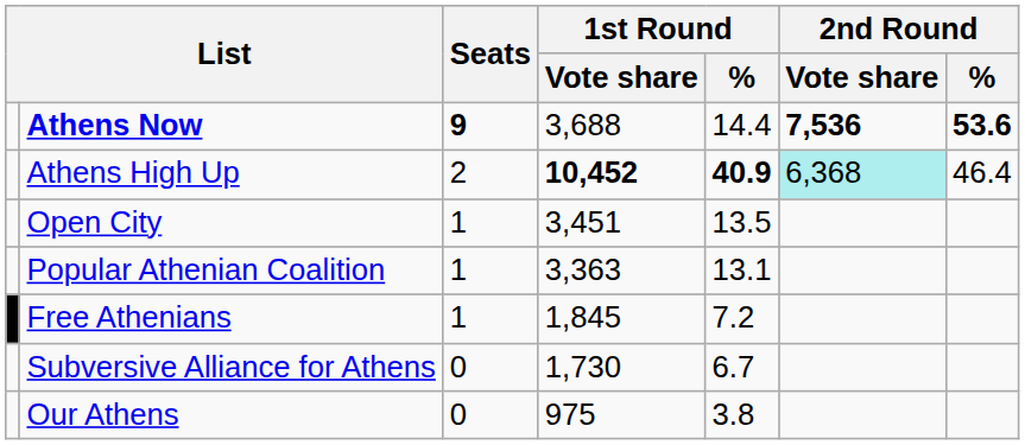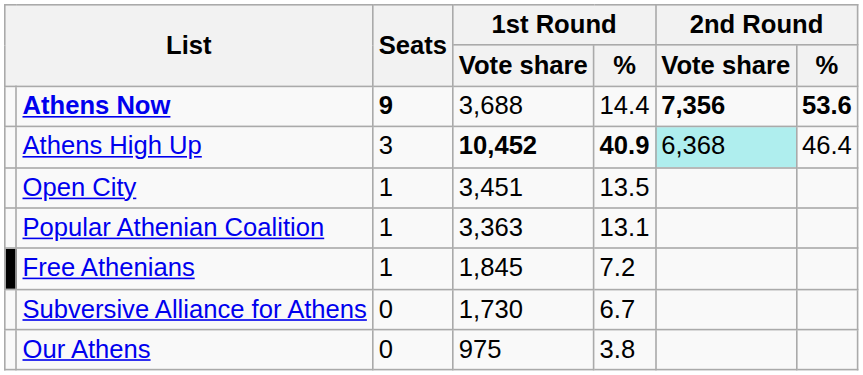 <table class="wikitable">
 <tr>
 <th colspan="2" rowspan="2">List</th>
 <th rowspan="2">Seats</th>
 <th colspan="2">1st Round</th>
 <th colspan="2">2nd Round</th>
 </tr>
 <tr>
 <th><strong>Vote share</strong></th>
 <th>%</th>
 <th><strong>Vote share</strong></th>
 <th>%</th>
 </tr>
 <tr>
 <td style="background-color:"></td>
 <td><strong><a href='#'>Athens Now</a></strong></td>
 <td><strong>9</strong></td>
 <td>3,688</td>
 <td>14.4</td>
-<td><strong>7,536</strong></td>
+<td><strong>7,356</strong></td>
 <td><strong>53.6</strong></td>
 </tr>
 <tr>
 <td style="background-color:"></td>
 <td><a href='#'>Athens High Up</a></td>
-<td>2</td>
+<td>3</td>
 <td><strong>10,452</strong></td>
 <td><strong>40.9</strong></td>
 <td style="background: paleturquoise;">6,368</td>
 <td>46.4</td>
 </tr>
 <tr>
 <td style="background-color:"></td>
 <td><a href='#'>Open City</a></td>
 <td>1</td>
 <td>3,451</td>
 <td>13.5</td>
 <td></td>
 <td></td>
 </tr>
 <tr>
 <td style="background-color:"></td>
 <td><a href='#'>Popular Athenian Coalition</a></td>
 <td>1</td>
 <td>3,363</td>
 <td>13.1</td>
 <td></td>
 <td></td>
 </tr>
 <tr>
 <td style="background-color:#000000"></td>
 <td><a href='#'>Free Athenians</a></td>
 <td>1</td>
 <td>1,845</td>
 <td>7.2</td>
 <td></td>
 <td></td>
 </tr>
 <tr>
 <td style="background-color:"></td>
 <td><a href='#'>Subversive Alliance for Athens</a></td>
 <td>0</td>
 <td>1,730</td>
 <td>6.7</td>
 <td></td>
 <td></td>
 </tr>
 <tr>
 <td style="background-color:"></td>
 <td><a href='#'>Our Athens</a></td>
 <td>0</td>
 <td>975</td>
 <td>3.8</td>
 <td></td>
 <td></td>
 </tr>
 </table>
